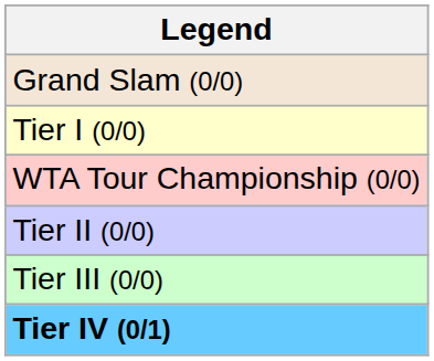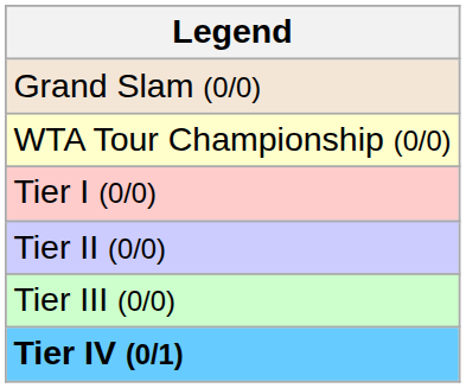 <table class="wikitable sortable mw-collapsible mw-collapsed">
 <tr bgcolor="#eeeeee">
 <th>Legend</th>
 </tr>
 <tr bgcolor="#f3e6d7">
 <td>Grand Slam <small>(0/0)</small></td>
 </tr>
 <tr bgcolor="#ffffcc">
-<td>Tier I <small>(0/0)</small></td>
+<td>WTA Tour Championship <small>(0/0)</small></td>
 </tr>
 <tr bgcolor="#FFCCCC">
-<td>WTA Tour Championship <small>(0/0)</small></td>
+<td>Tier I <small>(0/0)</small></td>
 </tr>
 <tr bgcolor="#CCCCFF">
 <td>Tier II <small>(0/0)</small></td>
 </tr>
 <tr bgcolor="#CCFFCC">
 <td>Tier III <small>(0/0)</small></td>
 </tr>
 <tr bgcolor="#66CCFF">
 <td><strong>Tier IV <small>(0/1)</small></strong></td>
 </tr>
 </table>
